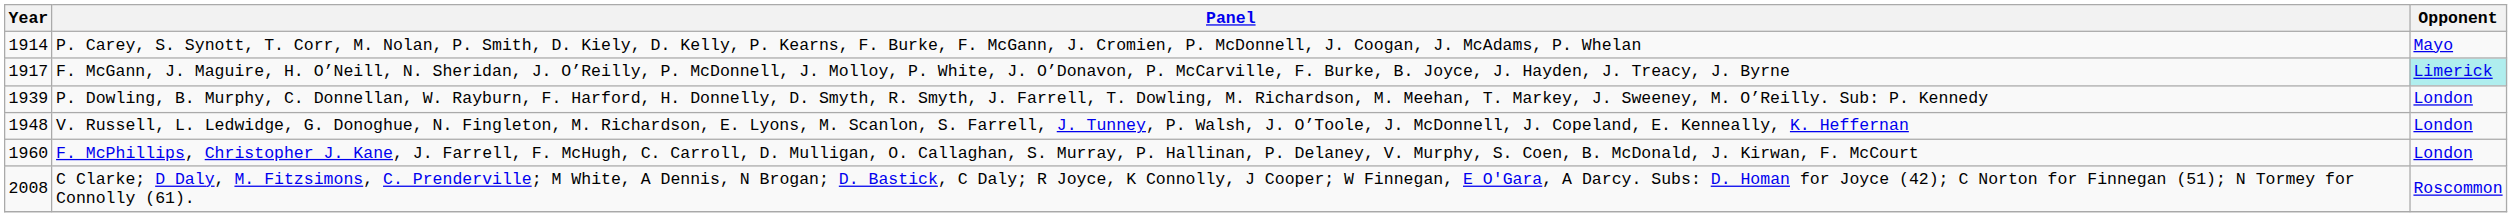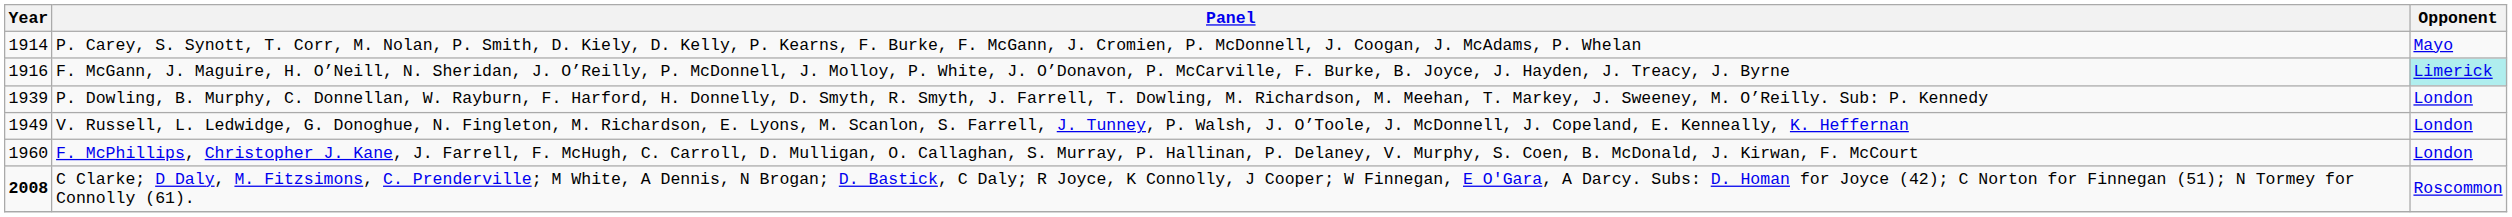 <table class="wikitable">
 <tr>
 <th>Year</th>
 <th><a href='#'>Panel</a></th>
 <th>Opponent</th>
 </tr>
 <tr>
 <td>1914</td>
 <td>P. Carey, S. Synott, T. Corr, M. Nolan, P. Smith, D. Kiely, D. Kelly, P. Kearns, F. Burke, F. McGann, J. Cromien, P. McDonnell, J. Coogan, J. McAdams, P. Whelan</td>
 <td><a href='#'>Mayo</a></td>
 </tr>
 <tr>
-<td>1917</td>
+<td>1916</td>
 <td>F. McGann, J. Maguire, H. O’Neill, N. Sheridan, J. O’Reilly, P. McDonnell, J. Molloy, P. White, J. O’Donavon, P. McCarville, F. Burke, B. Joyce, J. Hayden, J. Treacy, J. Byrne</td>
 <td style="background: paleturquoise;"><a href='#'>Limerick</a></td>
 </tr>
 <tr>
 <td>1939</td>
 <td>P. Dowling, B. Murphy, C. Donnellan, W. Rayburn, F. Harford, H. Donnelly, D. Smyth, R. Smyth, J. Farrell, T. Dowling, M. Richardson, M. Meehan, T. Markey, J. Sweeney, M. O’Reilly. Sub: P. Kennedy</td>
 <td><a href='#'>London</a></td>
 </tr>
 <tr>
-<td>1948</td>
+<td>1949</td>
 <td>V. Russell, L. Ledwidge, G. Donoghue, N. Fingleton, M. Richardson, E. Lyons, M. Scanlon, S. Farrell, <a href='#'>J. Tunney</a>, P. Walsh, J. O’Toole, J. McDonnell, J. Copeland, E. Kenneally, <a href='#'>K. Heffernan</a></td>
 <td><a href='#'>London</a></td>
 </tr>
 <tr>
 <td>1960</td>
 <td><a href='#'>F. McPhillips</a>, <a href='#'>Christopher J. Kane</a>, J. Farrell, F. McHugh, C. Carroll, D. Mulligan, O. Callaghan, S. Murray, P. Hallinan, P. Delaney, V. Murphy, S. Coen, B. McDonald, J. Kirwan, F. McCourt</td>
 <td><a href='#'>London</a></td>
 </tr>
 <tr>
-<td>2008</td>
+<td><strong>2008</strong></td>
 <td>C Clarke; <a href='#'>D Daly</a>, <a href='#'>M. Fitzsimons</a>, <a href='#'>C. Prenderville</a>; M White, A Dennis, N Brogan; <a href='#'>D. Bastick</a>, C Daly; R Joyce, K Connolly, J Cooper; W Finnegan, <a href='#'>E O'Gara</a>, A Darcy. Subs: <a href='#'>D. Homan</a> for Joyce (42); C Norton for Finnegan (51); N Tormey for Connolly (61).</td>
 <td><a href='#'>Roscommon</a></td>
 </tr>
 <tr>
 </tr>
 </table>
